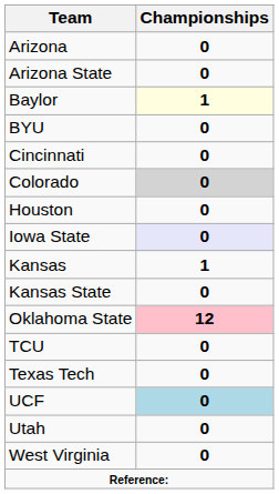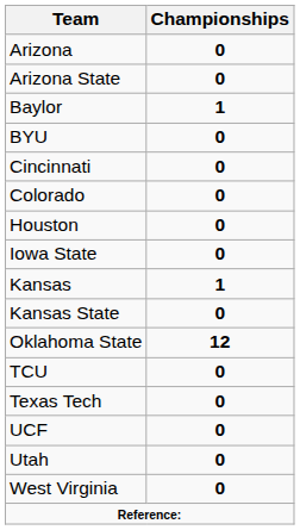 <table class="wikitable sortable">
 <tr>
 <th scope="col">Team</th>
 <th scope="col">Championships</th>
 </tr>
 <tr>
 <td>Arizona</td>
 <td style="text-align: center;"><strong>0</strong></td>
 </tr>
 <tr>
 <td>Arizona State</td>
 <td style="text-align: center;"><strong>0</strong></td>
 </tr>
 <tr>
 <td>Baylor</td>
-<td style="background: lightyellow; text-align: center;"><strong>1</strong></td>
+<td style="text-align: center;"><strong>1</strong></td>
 </tr>
 <tr>
 <td>BYU</td>
 <td style="text-align: center;"><strong>0</strong></td>
 </tr>
 <tr>
 <td>Cincinnati</td>
 <td style="text-align: center;"><strong>0</strong></td>
 </tr>
 <tr>
 <td>Colorado</td>
-<td style="background: lightgrey; text-align: center;"><strong>0</strong></td>
+<td style="text-align: center;"><strong>0</strong></td>
 </tr>
 <tr>
 <td>Houston</td>
 <td style="text-align: center;"><strong>0</strong></td>
 </tr>
 <tr>
 <td>Iowa State</td>
-<td style="background: lavender; text-align: center;"><strong>0</strong></td>
+<td style="text-align: center;"><strong>0</strong></td>
 </tr>
 <tr>
 <td>Kansas</td>
 <td style="text-align: center;"><strong>1</strong></td>
 </tr>
 <tr>
 <td>Kansas State</td>
 <td style="text-align: center;"><strong>0</strong></td>
 </tr>
 <tr>
 <td>Oklahoma State</td>
-<td style="background: pink; text-align: center;"><strong>12</strong></td>
+<td style="text-align: center;"><strong>12</strong></td>
 </tr>
 <tr>
 <td>TCU</td>
 <td style="text-align: center;"><strong>0</strong></td>
 </tr>
 <tr>
 <td>Texas Tech</td>
 <td style="text-align: center;"><strong>0</strong></td>
 </tr>
 <tr>
 <td>UCF</td>
-<td style="background: lightblue; text-align: center;"><strong>0</strong></td>
+<td style="text-align: center;"><strong>0</strong></td>
 </tr>
 <tr>
 <td>Utah</td>
 <td style="text-align: center;"><strong>0</strong></td>
 </tr>
 <tr>
 <td>West Virginia</td>
 <td style="text-align: center;"><strong>0</strong></td>
 </tr>
 <tr>
 <td colspan="4"  style="font-size:8pt; text-align:center;"><strong>Reference:</strong></td>
 </tr>
 </table>
